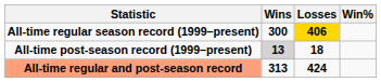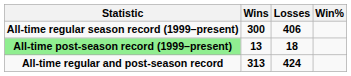 <table class="wikitable" style="text-align:center; font-size:95%">
 <tr>
 <th>Statistic</th>
 <th>Wins</th>
 <th>Losses</th>
 <th>Win%</th>
 </tr>
 <tr>
 <td><strong>All-time regular season record (1999–present)</strong></td>
 <td><strong>300</strong></td>
-<td style="background: gold;"><strong>406</strong></td>
+<td><strong>406</strong></td>
 <td><strong></strong></td>
 </tr>
 <tr>
-<td><strong>All-time post-season record (1999–present)</strong></td>
-<td style="background: lightgrey;"><strong>13</strong></td>
+<td style="background: lightgreen;"><strong>All-time post-season record (1999–present)</strong></td>
+<td><strong>13</strong></td>
 <td><strong>18</strong></td>
 <td><strong></strong></td>
 </tr>
 <tr>
-<td style="background: lightsalmon;"><strong>All-time regular and post-season record</strong></td>
+<td><strong>All-time regular and post-season record</strong></td>
 <td><strong>313</strong></td>
 <td><strong>424</strong></td>
 <td><strong></strong></td>
 </tr>
 </table>
